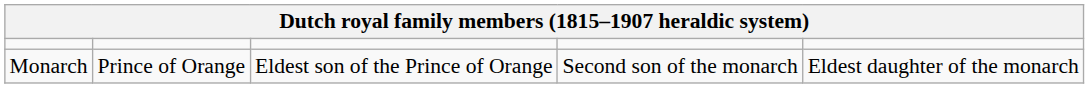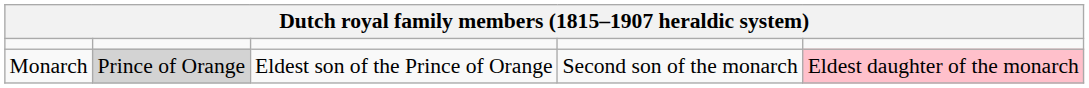 <table class="wikitable" style="margin:1em auto;">
 <tr>
 <th colspan=8>Dutch royal family members (1815–1907 heraldic system)</th>
 </tr>
 <tr>
 <td align=center></td>
 <td align=center></td>
 <td align=center></td>
 <td align=center></td>
 <td align=center></td>
 </tr>
 <tr>
 <td align=center>Monarch</td>
-<td align=center>Prince of Orange </td>
+<td align=center style="background: lightgrey;">Prince of Orange </td>
 <td align=center>Eldest son of the Prince of Orange</td>
 <td align=center>Second son of the monarch</td>
-<td align=center>Eldest daughter of the monarch</td>
+<td align=center style="background: pink;">Eldest daughter of the monarch</td>
 </tr>
 </table>
